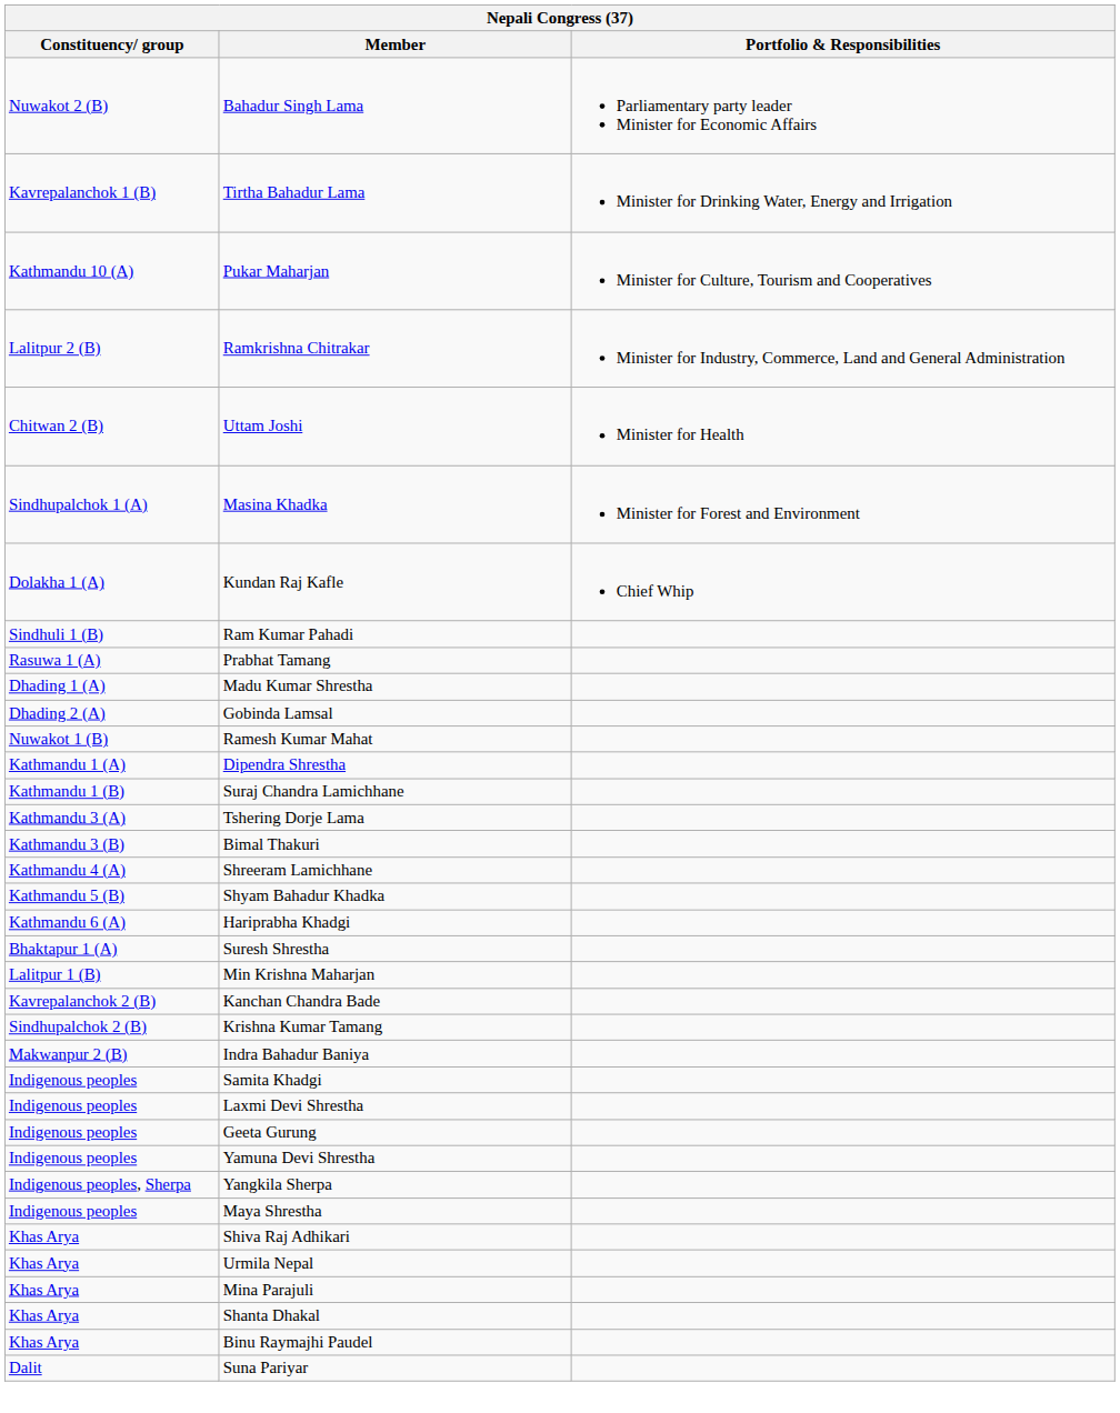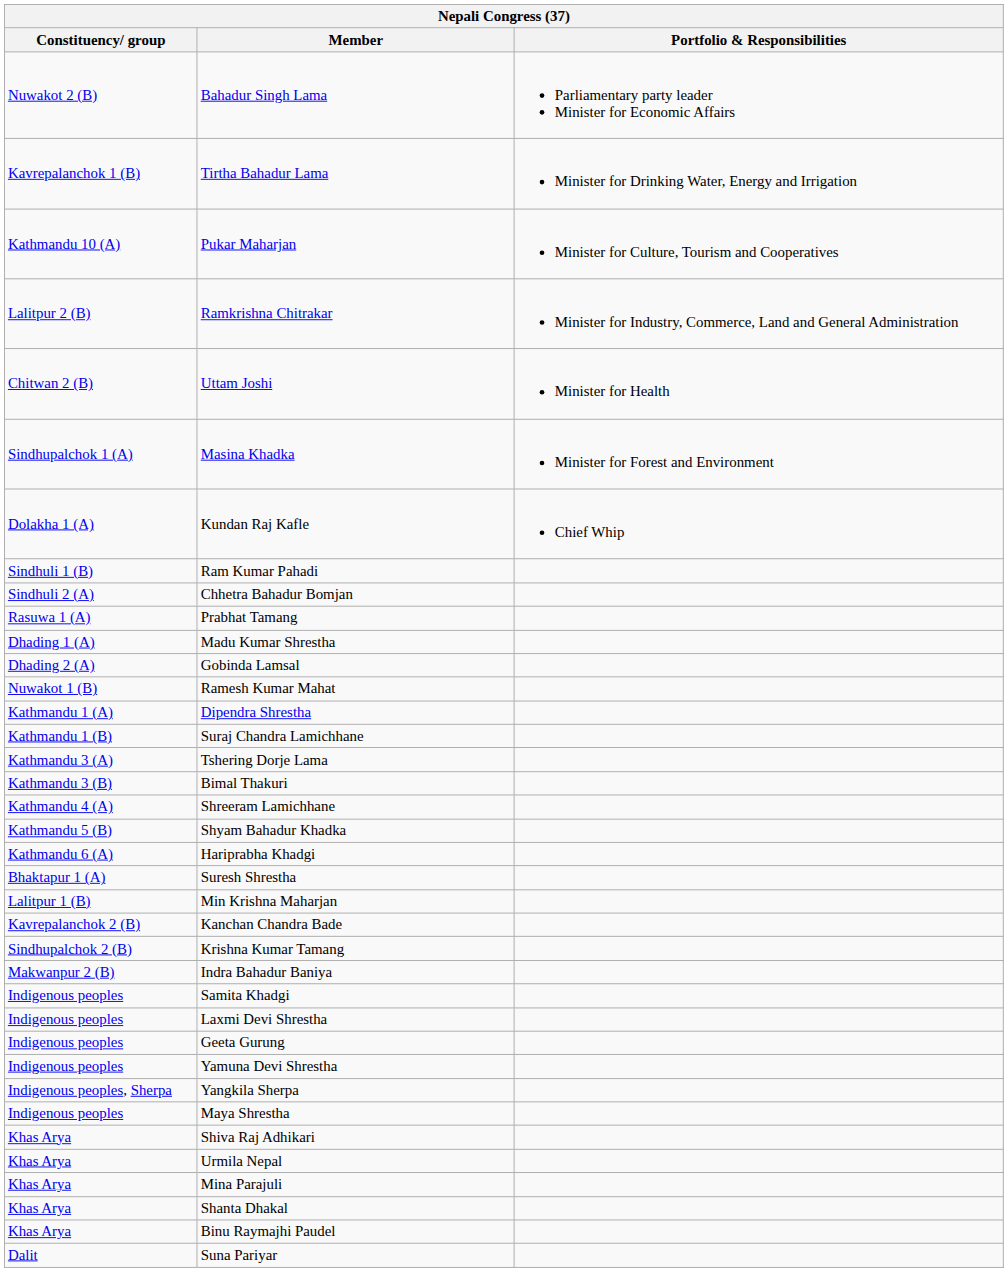 <table class="wikitable sortable mw-collapsible mw-collapsed">
 <tr>
 <th colspan="3" style="width: 800pt; background:">Nepali Congress (37)</th>
 </tr>
 <tr>
 <th style="width:150pt;">Constituency/ group</th>
 <th style="width:250pt;">Member</th>
 <th>Portfolio & Responsibilities</th>
 </tr>
 <tr>
 <td><a href='#'>Nuwakot 2 (B)</a></td>
 <td><a href='#'>Bahadur Singh Lama</a></td>
 <td><br><ul><li>Parliamentary party leader</li><li>Minister for Economic Affairs</li></ul></td>
 </tr>
 <tr>
 <td><a href='#'>Kavrepalanchok 1 (B)</a></td>
 <td><a href='#'>Tirtha Bahadur Lama</a></td>
 <td><br><ul><li>Minister for Drinking Water, Energy and Irrigation</li></ul></td>
 </tr>
 <tr>
 <td><a href='#'>Kathmandu 10 (A)</a></td>
 <td><a href='#'>Pukar Maharjan</a></td>
 <td><br><ul><li>Minister for Culture, Tourism and Cooperatives</li></ul></td>
 </tr>
 <tr>
 <td><a href='#'>Lalitpur 2 (B)</a></td>
 <td><a href='#'>Ramkrishna Chitrakar</a></td>
 <td><br><ul><li>Minister for Industry, Commerce, Land and General Administration</li></ul></td>
 </tr>
 <tr>
 <td><a href='#'>Chitwan 2 (B)</a></td>
 <td><a href='#'>Uttam Joshi</a></td>
 <td><br><ul><li>Minister for Health</li></ul></td>
 </tr>
 <tr>
 <td><a href='#'>Sindhupalchok 1 (A)</a></td>
 <td><a href='#'>Masina Khadka</a></td>
 <td><br><ul><li>Minister for Forest and Environment</li></ul></td>
 </tr>
 <tr>
 <td><a href='#'>Dolakha 1 (A)</a></td>
 <td>Kundan Raj Kafle</td>
 <td><br><ul><li>Chief Whip</li></ul></td>
 </tr>
 <tr>
 <td><a href='#'>Sindhuli 1 (B)</a></td>
 <td>Ram Kumar Pahadi</td>
+<td></td>
+</tr>
+<tr>
+<td><a href='#'>Sindhuli 2 (A)</a></td>
+<td>Chhetra Bahadur Bomjan</td>
 <td></td>
 </tr>
 <tr>
 <td><a href='#'>Rasuwa 1 (A)</a></td>
 <td>Prabhat Tamang</td>
 <td></td>
 </tr>
 <tr>
 <td><a href='#'>Dhading 1 (A)</a></td>
 <td>Madu Kumar Shrestha</td>
 <td></td>
 </tr>
 <tr>
 <td><a href='#'>Dhading 2 (A)</a></td>
 <td>Gobinda Lamsal</td>
 <td></td>
 </tr>
 <tr>
 <td><a href='#'>Nuwakot 1 (B)</a></td>
 <td>Ramesh Kumar Mahat</td>
 <td></td>
 </tr>
 <tr>
 <td><a href='#'>Kathmandu 1 (A)</a></td>
 <td><a href='#'>Dipendra Shrestha</a></td>
 <td></td>
 </tr>
 <tr>
 <td><a href='#'>Kathmandu 1 (B)</a></td>
 <td>Suraj Chandra Lamichhane</td>
 <td></td>
 </tr>
 <tr>
 <td><a href='#'>Kathmandu 3 (A)</a></td>
 <td>Tshering Dorje Lama</td>
 <td></td>
 </tr>
 <tr>
 <td><a href='#'>Kathmandu 3 (B)</a></td>
 <td>Bimal Thakuri</td>
 <td></td>
 </tr>
 <tr>
 <td><a href='#'>Kathmandu 4 (A)</a></td>
 <td>Shreeram Lamichhane</td>
 <td></td>
 </tr>
 <tr>
 <td><a href='#'>Kathmandu 5 (B)</a></td>
 <td>Shyam Bahadur Khadka</td>
 <td></td>
 </tr>
 <tr>
 <td><a href='#'>Kathmandu 6 (A)</a></td>
 <td>Hariprabha Khadgi</td>
 <td></td>
 </tr>
 <tr>
 <td><a href='#'>Bhaktapur 1 (A)</a></td>
 <td>Suresh Shrestha</td>
 <td></td>
 </tr>
 <tr>
 <td><a href='#'>Lalitpur 1 (B)</a></td>
 <td>Min Krishna Maharjan</td>
 <td></td>
 </tr>
 <tr>
 <td><a href='#'>Kavrepalanchok 2 (B)</a></td>
 <td>Kanchan Chandra Bade</td>
 <td></td>
 </tr>
 <tr>
 <td><a href='#'>Sindhupalchok 2 (B)</a></td>
 <td>Krishna Kumar Tamang</td>
 <td></td>
 </tr>
 <tr>
 <td><a href='#'>Makwanpur 2 (B)</a></td>
 <td>Indra Bahadur Baniya</td>
 <td></td>
 </tr>
 <tr>
 <td><a href='#'>Indigenous peoples</a></td>
 <td>Samita Khadgi</td>
 <td></td>
 </tr>
 <tr>
 <td><a href='#'>Indigenous peoples</a></td>
 <td>Laxmi Devi Shrestha</td>
 <td></td>
 </tr>
 <tr>
 <td><a href='#'>Indigenous peoples</a></td>
 <td>Geeta Gurung</td>
 <td></td>
 </tr>
 <tr>
 <td><a href='#'>Indigenous peoples</a></td>
 <td>Yamuna Devi Shrestha</td>
 <td></td>
 </tr>
 <tr>
 <td><a href='#'>Indigenous peoples</a>, <a href='#'>Sherpa</a></td>
 <td>Yangkila Sherpa</td>
 <td></td>
 </tr>
 <tr>
 <td><a href='#'>Indigenous peoples</a></td>
 <td>Maya Shrestha</td>
 <td></td>
 </tr>
 <tr>
 <td><a href='#'>Khas Arya</a></td>
 <td>Shiva Raj Adhikari</td>
 <td></td>
 </tr>
 <tr>
 <td><a href='#'>Khas Arya</a></td>
 <td>Urmila Nepal</td>
 <td></td>
 </tr>
 <tr>
 <td><a href='#'>Khas Arya</a></td>
 <td>Mina Parajuli</td>
 <td></td>
 </tr>
 <tr>
 <td><a href='#'>Khas Arya</a></td>
 <td>Shanta Dhakal</td>
 <td></td>
 </tr>
 <tr>
 <td><a href='#'>Khas Arya</a></td>
 <td>Binu Raymajhi Paudel</td>
 <td></td>
 </tr>
 <tr>
 <td><a href='#'>Dalit</a></td>
 <td>Suna Pariyar</td>
 <td></td>
 </tr>
 </table>
